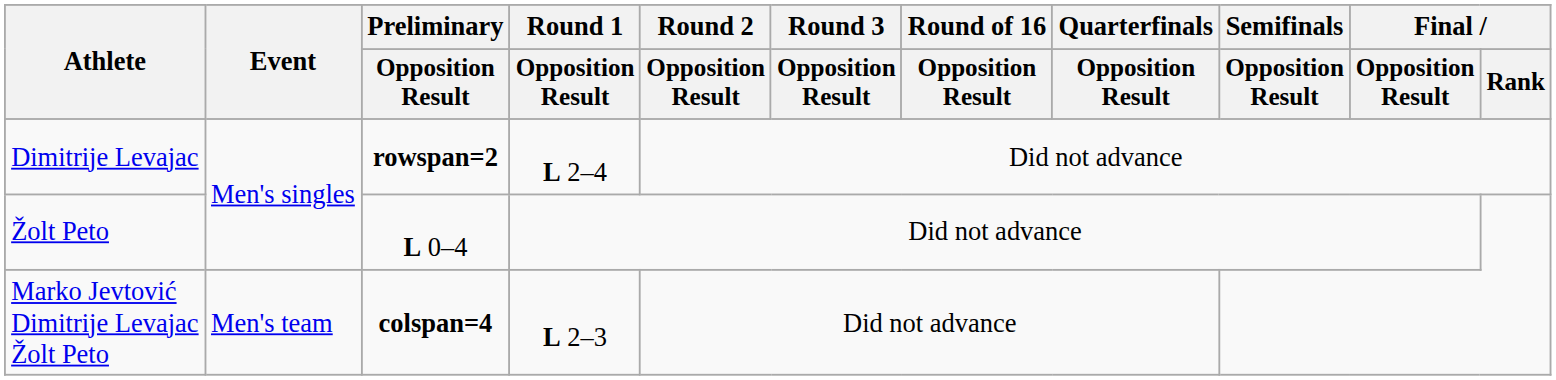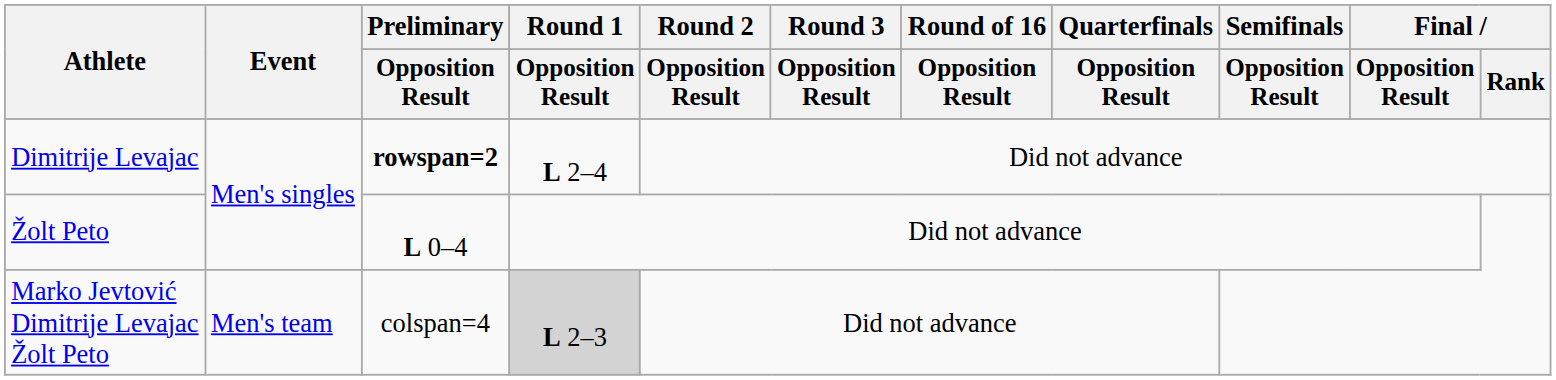 <table class="wikitable" style="font-size:90%;">
 <tr>
 <th rowspan=2>Athlete</th>
 <th rowspan=2>Event</th>
 <th>Preliminary</th>
 <th>Round 1</th>
 <th>Round 2</th>
 <th>Round 3</th>
 <th>Round of 16</th>
 <th>Quarterfinals</th>
 <th>Semifinals</th>
 <th colspan=2>Final / </th>
 </tr>
 <tr style="font-size:95%">
 <th>Opposition<br>Result</th>
 <th>Opposition<br>Result</th>
 <th>Opposition<br>Result</th>
 <th>Opposition<br>Result</th>
 <th>Opposition<br>Result</th>
 <th>Opposition<br>Result</th>
 <th>Opposition<br>Result</th>
 <th>Opposition<br>Result</th>
 <th>Rank</th>
 </tr>
 <tr align=center>
 <td align=left><a href='#'>Dimitrije Levajac</a></td>
 <td align=left rowspan=2><a href='#'>Men's singles</a></td>
 <td><strong>rowspan=2 </strong></td>
 <td><br><strong>L</strong> 2–4</td>
 <td colspan=7>Did not advance</td>
 </tr>
 <tr align=center>
 <td align=left><a href='#'>Žolt Peto</a></td>
 <td><br><strong>L</strong> 0–4</td>
 <td colspan=7>Did not advance</td>
 </tr>
 <tr align=center>
 <td align=left><a href='#'>Marko Jevtović</a><br><a href='#'>Dimitrije Levajac</a><br><a href='#'>Žolt Peto</a></td>
 <td align=left><a href='#'>Men's team</a></td>
-<td><strong>colspan=4 </strong></td>
-<td> <br> <strong>L</strong> 2–3</td>
+<td>colspan=4 </td>
+<td style="background: lightgrey;"> <br> <strong>L</strong> 2–3</td>
 <td colspan=4>Did not advance</td>
 </tr>
 </table>
